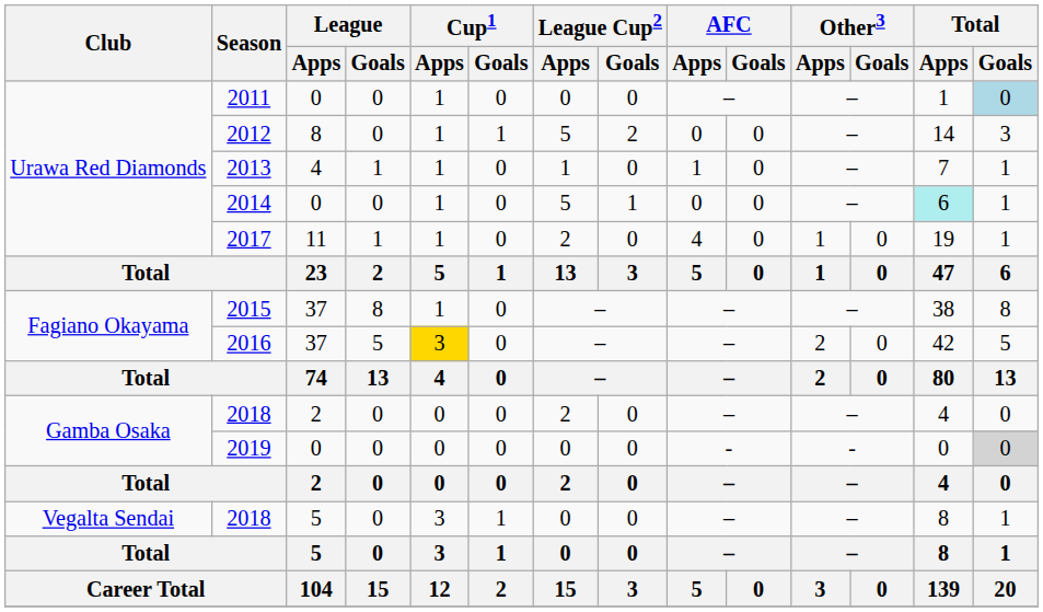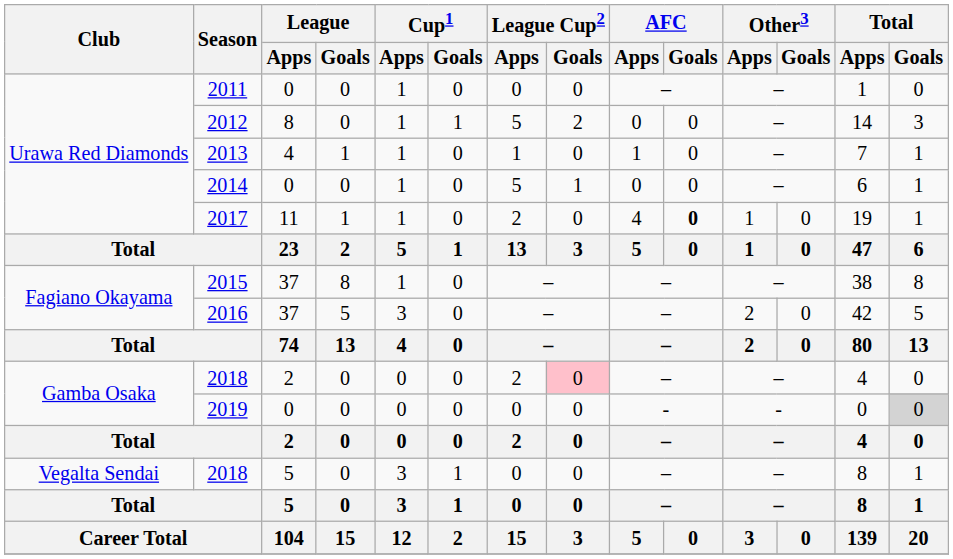 <table class="wikitable" style="text-align:center;">
 <tr>
 <th rowspan="2">Club</th>
 <th rowspan="2">Season</th>
 <th colspan="2">League</th>
 <th colspan="2">Cup<sup><a href='#'>1</a></sup></th>
 <th colspan="2">League Cup<sup><a href='#'>2</a></sup></th>
 <th colspan="2"><a href='#'>AFC</a></th>
 <th colspan="2">Other<sup><a href='#'>3</a></sup></th>
 <th colspan="2">Total</th>
 </tr>
 <tr>
 <th>Apps</th>
 <th>Goals</th>
 <th>Apps</th>
 <th>Goals</th>
 <th>Apps</th>
 <th>Goals</th>
 <th>Apps</th>
 <th>Goals</th>
 <th>Apps</th>
 <th>Goals</th>
 <th>Apps</th>
 <th>Goals</th>
 </tr>
 <tr>
 <td rowspan="5"><a href='#'>Urawa Red Diamonds</a></td>
 <td><a href='#'>2011</a></td>
 <td>0</td>
 <td>0</td>
 <td>1</td>
 <td>0</td>
 <td>0</td>
 <td>0</td>
 <td colspan="2">–</td>
 <td colspan="2">–</td>
 <td>1</td>
-<td style="background: lightblue;">0</td>
+<td>0</td>
 </tr>
 <tr>
 <td><a href='#'>2012</a></td>
 <td>8</td>
 <td>0</td>
 <td>1</td>
 <td>1</td>
 <td>5</td>
 <td>2</td>
 <td>0</td>
 <td>0</td>
 <td colspan="2">–</td>
 <td>14</td>
 <td>3</td>
 </tr>
 <tr>
 <td><a href='#'>2013</a></td>
 <td>4</td>
 <td>1</td>
 <td>1</td>
 <td>0</td>
 <td>1</td>
 <td>0</td>
 <td>1</td>
 <td>0</td>
 <td colspan="2">–</td>
 <td>7</td>
 <td>1</td>
 </tr>
 <tr>
 <td><a href='#'>2014</a></td>
 <td>0</td>
 <td>0</td>
 <td>1</td>
 <td>0</td>
 <td>5</td>
 <td>1</td>
 <td>0</td>
 <td>0</td>
 <td colspan="2">–</td>
-<td style="background: paleturquoise;">6</td>
+<td>6</td>
 <td>1</td>
 </tr>
 <tr>
 <td><a href='#'>2017</a></td>
 <td>11</td>
 <td>1</td>
 <td>1</td>
 <td>0</td>
 <td>2</td>
 <td>0</td>
 <td>4</td>
-<td>0</td>
+<td><strong>0</strong></td>
 <td>1</td>
 <td>0</td>
 <td>19</td>
 <td>1</td>
 </tr>
 <tr>
 <th colspan="2">Total</th>
 <th>23</th>
 <th>2</th>
 <th>5</th>
 <th>1</th>
 <th>13</th>
 <th>3</th>
 <th>5</th>
 <th>0</th>
 <th>1</th>
 <th>0</th>
 <th>47</th>
 <th>6</th>
 </tr>
 <tr>
 <td rowspan="2"><a href='#'>Fagiano Okayama</a></td>
 <td><a href='#'>2015</a></td>
 <td>37</td>
 <td>8</td>
 <td>1</td>
 <td>0</td>
 <td colspan="2">–</td>
 <td colspan="2">–</td>
 <td colspan="2">–</td>
 <td>38</td>
 <td>8</td>
 </tr>
 <tr>
 <td><a href='#'>2016</a></td>
 <td>37</td>
 <td>5</td>
-<td style="background: gold;">3</td>
+<td>3</td>
 <td>0</td>
 <td colspan="2">–</td>
 <td colspan="2">–</td>
 <td>2</td>
 <td>0</td>
 <td>42</td>
 <td>5</td>
 </tr>
 <tr>
 <th colspan="2">Total</th>
 <th>74</th>
 <th>13</th>
 <th>4</th>
 <th>0</th>
 <th colspan="2">–</th>
 <th colspan="2">–</th>
 <th>2</th>
 <th>0</th>
 <th>80</th>
 <th>13</th>
 </tr>
 <tr>
 <td rowspan="2"><a href='#'>Gamba Osaka</a></td>
 <td><a href='#'>2018</a></td>
 <td>2</td>
 <td>0</td>
 <td>0</td>
 <td>0</td>
 <td>2</td>
-<td>0</td>
+<td style="background: pink;">0</td>
 <td colspan="2">–</td>
 <td colspan="2">–</td>
 <td>4</td>
 <td>0</td>
 </tr>
 <tr>
 <td><a href='#'>2019</a></td>
 <td>0</td>
 <td>0</td>
 <td>0</td>
 <td>0</td>
 <td>0</td>
 <td>0</td>
 <td colspan="2">-</td>
 <td colspan="2">-</td>
 <td>0</td>
 <td style="background: lightgrey;">0</td>
 </tr>
 <tr>
 <th colspan="2">Total</th>
 <th>2</th>
 <th>0</th>
 <th>0</th>
 <th>0</th>
 <th>2</th>
 <th>0</th>
 <th colspan="2">–</th>
 <th colspan="2">–</th>
 <th>4</th>
 <th>0</th>
 </tr>
 <tr>
 <td rowspan="1"><a href='#'>Vegalta Sendai</a></td>
 <td><a href='#'>2018</a></td>
 <td>5</td>
 <td>0</td>
 <td>3</td>
 <td>1</td>
 <td>0</td>
 <td>0</td>
 <td colspan="2">–</td>
 <td colspan="2">–</td>
 <td>8</td>
 <td>1</td>
 </tr>
 <tr>
 <th colspan="2">Total</th>
 <th>5</th>
 <th>0</th>
 <th>3</th>
 <th>1</th>
 <th>0</th>
 <th>0</th>
 <th colspan="2">–</th>
 <th colspan="2">–</th>
 <th>8</th>
 <th>1</th>
 </tr>
 <tr>
 <th colspan="2">Career Total</th>
 <th>104</th>
 <th>15</th>
 <th>12</th>
 <th>2</th>
 <th>15</th>
 <th>3</th>
 <th>5</th>
 <th>0</th>
 <th>3</th>
 <th>0</th>
 <th>139</th>
 <th>20</th>
 </tr>
 <tr>
 </tr>
 </table>
